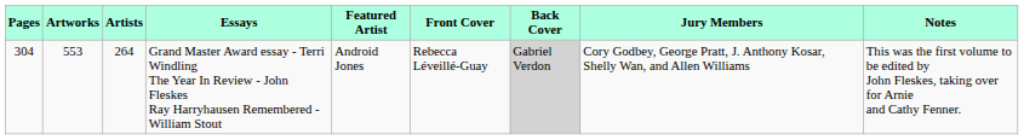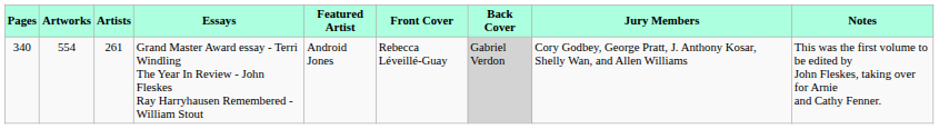 <table class="wikitable">
 <tr>
 <th style="background:#acffdf">Pages</th>
 <th style="background:#acffdf">Artworks</th>
 <th style="background:#acffdf">Artists</th>
 <th style="background:#acffdf">Essays</th>
 <th style="background:#acffdf">Featured Artist</th>
 <th style="background:#acffdf">Front Cover</th>
 <th style="background:#acffdf">Back Cover</th>
 <th style="background:#acffdf">Jury Members</th>
 <th style="background:#acffdf">Notes</th>
 </tr>
 <tr valign="top">
-<td align="center">304</td>
-<td align="center">553</td>
-<td align="center">264</td>
+<td align="center">340</td>
+<td align="center">554</td>
+<td align="center">261</td>
 <td>Grand Master Award essay - Terri Windling<br>The Year In Review - John Fleskes<br>Ray Harryhausen Remembered - William Stout</td>
 <td>Android Jones</td>
 <td>Rebecca Léveillé-Guay</td>
 <td style="background: lightgrey;">Gabriel Verdon</td>
 <td>Cory Godbey, George Pratt, J. Anthony Kosar, Shelly Wan, and Allen Williams</td>
 <td>This was the first volume to be edited by<br>John Fleskes, taking over for Arnie<br>and Cathy Fenner.</td>
 </tr>
 </table>
